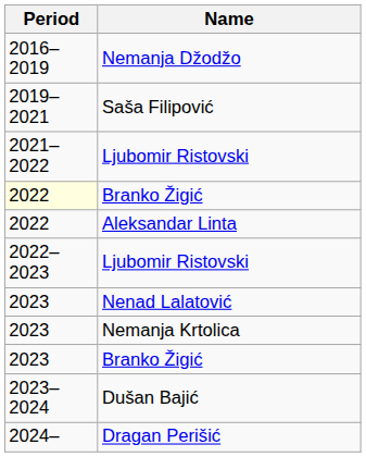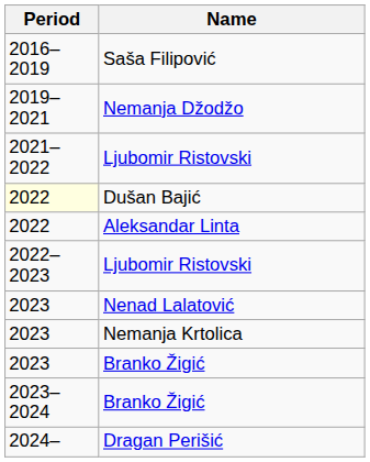 <table class="wikitable">
 <tr>
 <th width="75">Period</th>
 <th width="225">Name</th>
 </tr>
 <tr>
 <td>2016–2019</td>
-<td> <a href='#'>Nemanja Džodžo</a></td>
+<td> Saša Filipović</td>
 </tr>
 <tr>
 <td>2019–2021</td>
-<td> Saša Filipović</td>
+<td> <a href='#'>Nemanja Džodžo</a></td>
 </tr>
 <tr>
 <td>2021–2022</td>
 <td> <a href='#'>Ljubomir Ristovski</a></td>
 </tr>
 <tr>
 <td style="background: lightyellow;">2022</td>
-<td> <a href='#'>Branko Žigić</a></td>
+<td> Dušan Bajić</td>
 </tr>
 <tr>
 <td>2022</td>
 <td> <a href='#'>Aleksandar Linta</a></td>
 </tr>
 <tr>
 <td>2022–2023</td>
 <td> <a href='#'>Ljubomir Ristovski</a></td>
 </tr>
 <tr>
 <td>2023</td>
 <td> <a href='#'>Nenad Lalatović</a></td>
 </tr>
 <tr>
 <td>2023</td>
 <td> Nemanja Krtolica</td>
 </tr>
 <tr>
 <td>2023</td>
 <td> <a href='#'>Branko Žigić</a></td>
 </tr>
 <tr>
 <td>2023–2024</td>
-<td> Dušan Bajić</td>
+<td> <a href='#'>Branko Žigić</a></td>
 </tr>
 <tr>
 <td>2024–</td>
 <td> <a href='#'>Dragan Perišić</a></td>
 </tr>
 </table>
